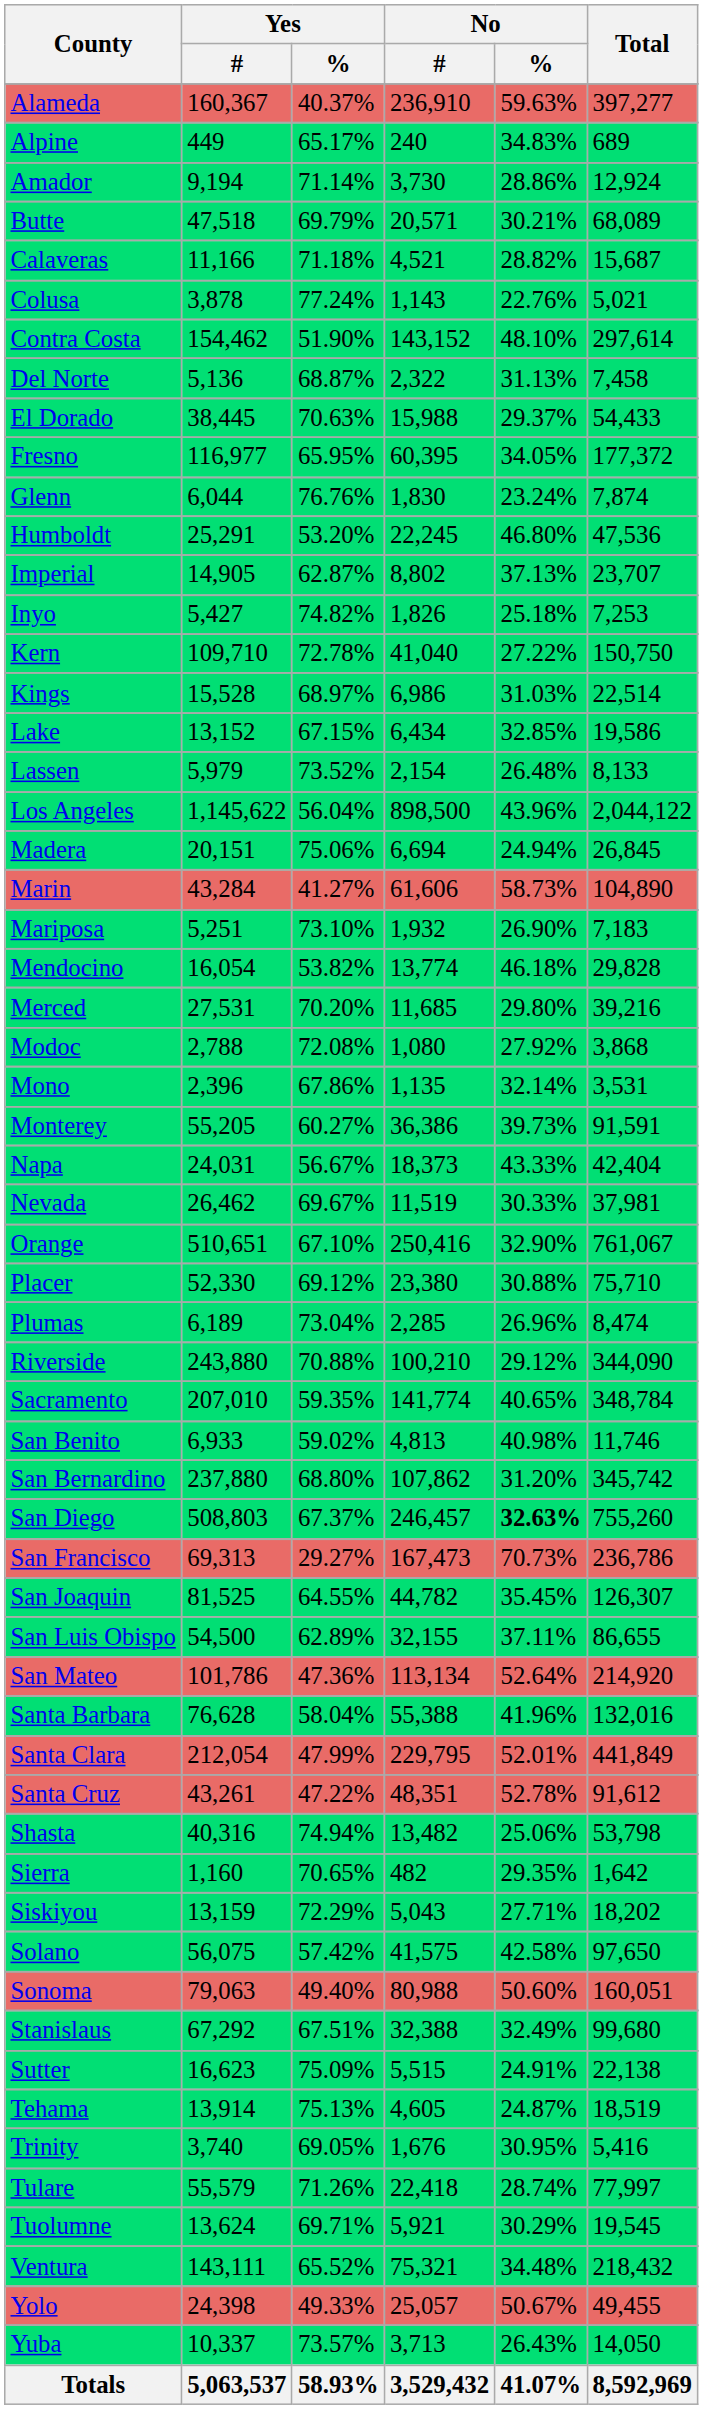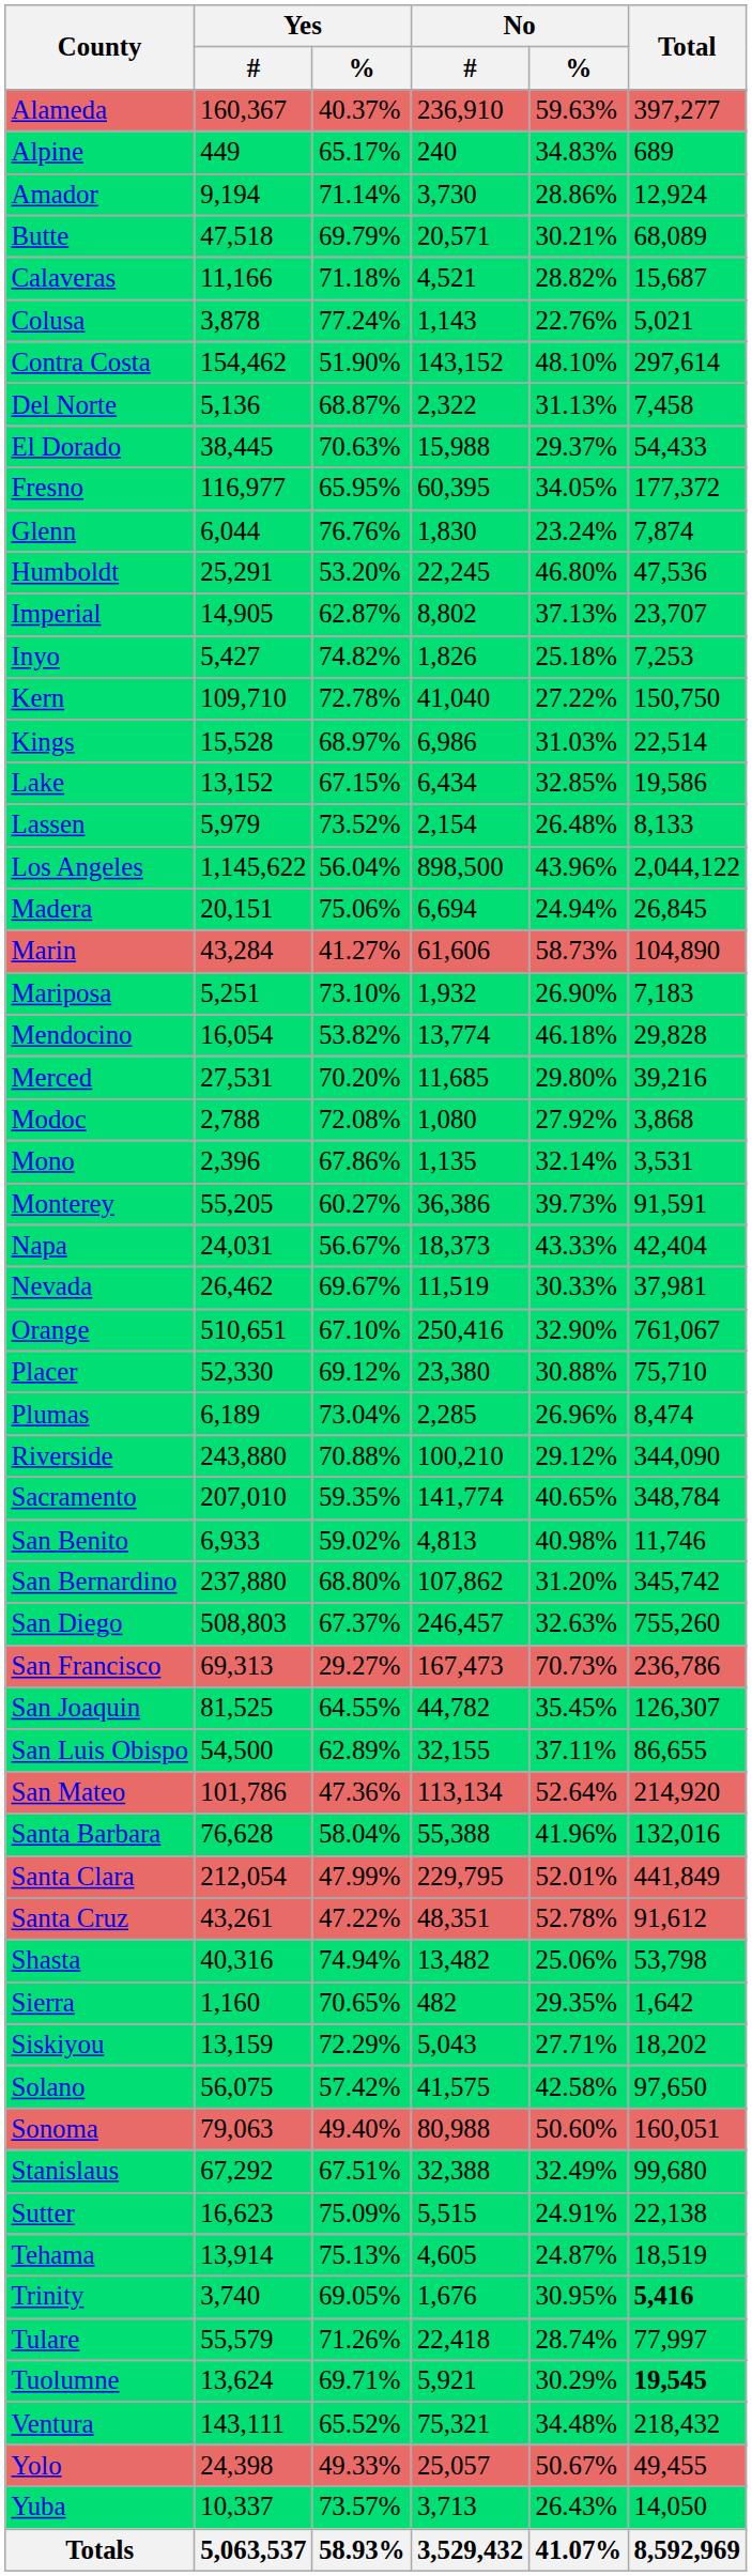 <table class="wikitable sortable">
 <tr>
 <th rowspan="2">County</th>
 <th colspan="2" rowspan="1">Yes</th>
 <th colspan="2" rowspan="1">No</th>
 <th colspan="1" rowspan="2">Total</th>
 </tr>
 <tr>
 <th>#</th>
 <th>%</th>
 <th>#</th>
 <th>%</th>
 </tr>
 <tr>
 </tr>
 <tr style="background: rgb(233, 107, 103);">
 <td><a href='#'>Alameda</a></td>
 <td>160,367</td>
 <td>40.37%</td>
 <td>236,910</td>
 <td>59.63%</td>
 <td>397,277</td>
 </tr>
 <tr>
 </tr>
 <tr style="background: rgb(1, 223, 116);">
 <td><a href='#'>Alpine</a></td>
 <td>449</td>
 <td>65.17%</td>
 <td>240</td>
 <td>34.83%</td>
 <td>689</td>
 </tr>
 <tr>
 </tr>
 <tr style="background: rgb(1, 223, 116);">
 <td><a href='#'>Amador</a></td>
 <td>9,194</td>
 <td>71.14%</td>
 <td>3,730</td>
 <td>28.86%</td>
 <td>12,924</td>
 </tr>
 <tr>
 </tr>
 <tr style="background: rgb(1, 223, 116);">
 <td><a href='#'>Butte</a></td>
 <td>47,518</td>
 <td>69.79%</td>
 <td>20,571</td>
 <td>30.21%</td>
 <td>68,089</td>
 </tr>
 <tr>
 </tr>
 <tr style="background: rgb(1, 223, 116);">
 <td><a href='#'>Calaveras</a></td>
 <td>11,166</td>
 <td>71.18%</td>
 <td>4,521</td>
 <td>28.82%</td>
 <td>15,687</td>
 </tr>
 <tr>
 </tr>
 <tr style="background: rgb(1, 223, 116);">
 <td><a href='#'>Colusa</a></td>
 <td>3,878</td>
 <td>77.24%</td>
 <td>1,143</td>
 <td>22.76%</td>
 <td>5,021</td>
 </tr>
 <tr>
 </tr>
 <tr style="background: rgb(1, 223, 116);">
 <td><a href='#'>Contra Costa</a></td>
 <td>154,462</td>
 <td>51.90%</td>
 <td>143,152</td>
 <td>48.10%</td>
 <td>297,614</td>
 </tr>
 <tr>
 </tr>
 <tr style="background: rgb(1, 223, 116);">
 <td><a href='#'>Del Norte</a></td>
 <td>5,136</td>
 <td>68.87%</td>
 <td>2,322</td>
 <td>31.13%</td>
 <td>7,458</td>
 </tr>
 <tr>
 </tr>
 <tr style="background: rgb(1, 223, 116);">
 <td><a href='#'>El Dorado</a></td>
 <td>38,445</td>
 <td>70.63%</td>
 <td>15,988</td>
 <td>29.37%</td>
 <td>54,433</td>
 </tr>
 <tr>
 </tr>
 <tr style="background: rgb(1, 223, 116);">
 <td><a href='#'>Fresno</a></td>
 <td>116,977</td>
 <td>65.95%</td>
 <td>60,395</td>
 <td>34.05%</td>
 <td>177,372</td>
 </tr>
 <tr>
 </tr>
 <tr style="background: rgb(1, 223, 116);">
 <td><a href='#'>Glenn</a></td>
 <td>6,044</td>
 <td>76.76%</td>
 <td>1,830</td>
 <td>23.24%</td>
 <td>7,874</td>
 </tr>
 <tr>
 </tr>
 <tr style="background: rgb(1, 223, 116);">
 <td><a href='#'>Humboldt</a></td>
 <td>25,291</td>
 <td>53.20%</td>
 <td>22,245</td>
 <td>46.80%</td>
 <td>47,536</td>
 </tr>
 <tr>
 </tr>
 <tr style="background: rgb(1, 223, 116);">
 <td><a href='#'>Imperial</a></td>
 <td>14,905</td>
 <td>62.87%</td>
 <td>8,802</td>
 <td>37.13%</td>
 <td>23,707</td>
 </tr>
 <tr>
 </tr>
 <tr style="background: rgb(1, 223, 116);">
 <td><a href='#'>Inyo</a></td>
 <td>5,427</td>
 <td>74.82%</td>
 <td>1,826</td>
 <td>25.18%</td>
 <td>7,253</td>
 </tr>
 <tr>
 </tr>
 <tr style="background: rgb(1, 223, 116);">
 <td><a href='#'>Kern</a></td>
 <td>109,710</td>
 <td>72.78%</td>
 <td>41,040</td>
 <td>27.22%</td>
 <td>150,750</td>
 </tr>
 <tr>
 </tr>
 <tr style="background: rgb(1, 223, 116);">
 <td><a href='#'>Kings</a></td>
 <td>15,528</td>
 <td>68.97%</td>
 <td>6,986</td>
 <td>31.03%</td>
 <td>22,514</td>
 </tr>
 <tr>
 </tr>
 <tr style="background: rgb(1, 223, 116);">
 <td><a href='#'>Lake</a></td>
 <td>13,152</td>
 <td>67.15%</td>
 <td>6,434</td>
 <td>32.85%</td>
 <td>19,586</td>
 </tr>
 <tr>
 </tr>
 <tr style="background: rgb(1, 223, 116);">
 <td><a href='#'>Lassen</a></td>
 <td>5,979</td>
 <td>73.52%</td>
 <td>2,154</td>
 <td>26.48%</td>
 <td>8,133</td>
 </tr>
 <tr>
 </tr>
 <tr style="background: rgb(1, 223, 116);">
 <td><a href='#'>Los Angeles</a></td>
 <td>1,145,622</td>
 <td>56.04%</td>
 <td>898,500</td>
 <td>43.96%</td>
 <td>2,044,122</td>
 </tr>
 <tr>
 </tr>
 <tr style="background: rgb(1, 223, 116);">
 <td><a href='#'>Madera</a></td>
 <td>20,151</td>
 <td>75.06%</td>
 <td>6,694</td>
 <td>24.94%</td>
 <td>26,845</td>
 </tr>
 <tr>
 </tr>
 <tr style="background: rgb(1, 223, 116);">
 </tr>
 <tr style="background: rgb(233, 107, 103);">
 <td><a href='#'>Marin</a></td>
 <td>43,284</td>
 <td>41.27%</td>
 <td>61,606</td>
 <td>58.73%</td>
 <td>104,890</td>
 </tr>
 <tr>
 </tr>
 <tr style="background: rgb(1, 223, 116);">
 <td><a href='#'>Mariposa</a></td>
 <td>5,251</td>
 <td>73.10%</td>
 <td>1,932</td>
 <td>26.90%</td>
 <td>7,183</td>
 </tr>
 <tr>
 </tr>
 <tr style="background: rgb(1, 223, 116);">
 <td><a href='#'>Mendocino</a></td>
 <td>16,054</td>
 <td>53.82%</td>
 <td>13,774</td>
 <td>46.18%</td>
 <td>29,828</td>
 </tr>
 <tr>
 </tr>
 <tr style="background: rgb(1, 223, 116);">
 <td><a href='#'>Merced</a></td>
 <td>27,531</td>
 <td>70.20%</td>
 <td>11,685</td>
 <td>29.80%</td>
 <td>39,216</td>
 </tr>
 <tr>
 </tr>
 <tr style="background: rgb(1, 223, 116);">
 <td><a href='#'>Modoc</a></td>
 <td>2,788</td>
 <td>72.08%</td>
 <td>1,080</td>
 <td>27.92%</td>
 <td>3,868</td>
 </tr>
 <tr>
 </tr>
 <tr style="background: rgb(1, 223, 116);">
 <td><a href='#'>Mono</a></td>
 <td>2,396</td>
 <td>67.86%</td>
 <td>1,135</td>
 <td>32.14%</td>
 <td>3,531</td>
 </tr>
 <tr>
 </tr>
 <tr style="background: rgb(1, 223, 116);">
 <td><a href='#'>Monterey</a></td>
 <td>55,205</td>
 <td>60.27%</td>
 <td>36,386</td>
 <td>39.73%</td>
 <td>91,591</td>
 </tr>
 <tr>
 </tr>
 <tr style="background: rgb(1, 223, 116);">
 <td><a href='#'>Napa</a></td>
 <td>24,031</td>
 <td>56.67%</td>
 <td>18,373</td>
 <td>43.33%</td>
 <td>42,404</td>
 </tr>
 <tr>
 </tr>
 <tr style="background: rgb(1, 223, 116);">
 <td><a href='#'>Nevada</a></td>
 <td>26,462</td>
 <td>69.67%</td>
 <td>11,519</td>
 <td>30.33%</td>
 <td>37,981</td>
 </tr>
 <tr>
 </tr>
 <tr style="background: rgb(1, 223, 116);">
 <td><a href='#'>Orange</a></td>
 <td>510,651</td>
 <td>67.10%</td>
 <td>250,416</td>
 <td>32.90%</td>
 <td>761,067</td>
 </tr>
 <tr>
 </tr>
 <tr style="background: rgb(1, 223, 116);">
 <td><a href='#'>Placer</a></td>
 <td>52,330</td>
 <td>69.12%</td>
 <td>23,380</td>
 <td>30.88%</td>
 <td>75,710</td>
 </tr>
 <tr>
 </tr>
 <tr style="background: rgb(1, 223, 116);">
 <td><a href='#'>Plumas</a></td>
 <td>6,189</td>
 <td>73.04%</td>
 <td>2,285</td>
 <td>26.96%</td>
 <td>8,474</td>
 </tr>
 <tr>
 </tr>
 <tr style="background: rgb(1, 223, 116);">
 <td><a href='#'>Riverside</a></td>
 <td>243,880</td>
 <td>70.88%</td>
 <td>100,210</td>
 <td>29.12%</td>
 <td>344,090</td>
 </tr>
 <tr>
 </tr>
 <tr style="background: rgb(1, 223, 116);">
 <td><a href='#'>Sacramento</a></td>
 <td>207,010</td>
 <td>59.35%</td>
 <td>141,774</td>
 <td>40.65%</td>
 <td>348,784</td>
 </tr>
 <tr>
 </tr>
 <tr style="background: rgb(1, 223, 116);">
 <td><a href='#'>San Benito</a></td>
 <td>6,933</td>
 <td>59.02%</td>
 <td>4,813</td>
 <td>40.98%</td>
 <td>11,746</td>
 </tr>
 <tr>
 </tr>
 <tr style="background: rgb(1, 223, 116);">
 <td><a href='#'>San Bernardino</a></td>
 <td>237,880</td>
 <td>68.80%</td>
 <td>107,862</td>
 <td>31.20%</td>
 <td>345,742</td>
 </tr>
 <tr>
 </tr>
 <tr style="background: rgb(1, 223, 116);">
 <td><a href='#'>San Diego</a></td>
 <td>508,803</td>
 <td>67.37%</td>
 <td>246,457</td>
-<td><strong>32.63%</strong></td>
+<td>32.63%</td>
 <td>755,260</td>
 </tr>
 <tr>
 </tr>
 <tr style="background: rgb(233, 107, 103);">
 <td><a href='#'>San Francisco</a></td>
 <td>69,313</td>
 <td>29.27%</td>
 <td>167,473</td>
 <td>70.73%</td>
 <td>236,786</td>
 </tr>
 <tr>
 </tr>
 <tr style="background: rgb(1, 223, 116);">
 <td><a href='#'>San Joaquin</a></td>
 <td>81,525</td>
 <td>64.55%</td>
 <td>44,782</td>
 <td>35.45%</td>
 <td>126,307</td>
 </tr>
 <tr>
 </tr>
 <tr style="background: rgb(1, 223, 116);">
 <td><a href='#'>San Luis Obispo</a></td>
 <td>54,500</td>
 <td>62.89%</td>
 <td>32,155</td>
 <td>37.11%</td>
 <td>86,655</td>
 </tr>
 <tr>
 </tr>
 <tr style="background: rgb(233, 107, 103);">
 <td><a href='#'>San Mateo</a></td>
 <td>101,786</td>
 <td>47.36%</td>
 <td>113,134</td>
 <td>52.64%</td>
 <td>214,920</td>
 </tr>
 <tr>
 </tr>
 <tr style="background: rgb(1, 223, 116);">
 <td><a href='#'>Santa Barbara</a></td>
 <td>76,628</td>
 <td>58.04%</td>
 <td>55,388</td>
 <td>41.96%</td>
 <td>132,016</td>
 </tr>
 <tr>
 </tr>
 <tr style="background: rgb(233, 107, 103);">
 <td><a href='#'>Santa Clara</a></td>
 <td>212,054</td>
 <td>47.99%</td>
 <td>229,795</td>
 <td>52.01%</td>
 <td>441,849</td>
 </tr>
 <tr>
 </tr>
 <tr style="background: rgb(233, 107, 103);">
 <td><a href='#'>Santa Cruz</a></td>
 <td>43,261</td>
 <td>47.22%</td>
 <td>48,351</td>
 <td>52.78%</td>
 <td>91,612</td>
 </tr>
 <tr>
 </tr>
 <tr style="background: rgb(1, 223, 116);">
 <td><a href='#'>Shasta</a></td>
 <td>40,316</td>
 <td>74.94%</td>
 <td>13,482</td>
 <td>25.06%</td>
 <td>53,798</td>
 </tr>
 <tr>
 </tr>
 <tr style="background: rgb(1, 223, 116);">
 <td><a href='#'>Sierra</a></td>
 <td>1,160</td>
 <td>70.65%</td>
 <td>482</td>
 <td>29.35%</td>
 <td>1,642</td>
 </tr>
 <tr>
 </tr>
 <tr style="background: rgb(1, 223, 116);">
 <td><a href='#'>Siskiyou</a></td>
 <td>13,159</td>
 <td>72.29%</td>
 <td>5,043</td>
 <td>27.71%</td>
 <td>18,202</td>
 </tr>
 <tr>
 </tr>
 <tr style="background: rgb(1, 223, 116);">
 <td><a href='#'>Solano</a></td>
 <td>56,075</td>
 <td>57.42%</td>
 <td>41,575</td>
 <td>42.58%</td>
 <td>97,650</td>
 </tr>
 <tr>
 </tr>
 <tr style="background: rgb(233, 107, 103);">
 <td><a href='#'>Sonoma</a></td>
 <td>79,063</td>
 <td>49.40%</td>
 <td>80,988</td>
 <td>50.60%</td>
 <td>160,051</td>
 </tr>
 <tr>
 </tr>
 <tr style="background: rgb(1, 223, 116);">
 <td><a href='#'>Stanislaus</a></td>
 <td>67,292</td>
 <td>67.51%</td>
 <td>32,388</td>
 <td>32.49%</td>
 <td>99,680</td>
 </tr>
 <tr>
 </tr>
 <tr style="background: rgb(1, 223, 116);">
 <td><a href='#'>Sutter</a></td>
 <td>16,623</td>
 <td>75.09%</td>
 <td>5,515</td>
 <td>24.91%</td>
 <td>22,138</td>
 </tr>
 <tr>
 </tr>
 <tr style="background: rgb(1, 223, 116);">
 <td><a href='#'>Tehama</a></td>
 <td>13,914</td>
 <td>75.13%</td>
 <td>4,605</td>
 <td>24.87%</td>
 <td>18,519</td>
 </tr>
 <tr>
 </tr>
 <tr style="background: rgb(1, 223, 116);">
 <td><a href='#'>Trinity</a></td>
 <td>3,740</td>
 <td>69.05%</td>
 <td>1,676</td>
 <td>30.95%</td>
-<td>5,416</td>
+<td><strong>5,416</strong></td>
 </tr>
 <tr>
 </tr>
 <tr style="background: rgb(1, 223, 116);">
 <td><a href='#'>Tulare</a></td>
 <td>55,579</td>
 <td>71.26%</td>
 <td>22,418</td>
 <td>28.74%</td>
 <td>77,997</td>
 </tr>
 <tr>
 </tr>
 <tr style="background: rgb(1, 223, 116);">
 <td><a href='#'>Tuolumne</a></td>
 <td>13,624</td>
 <td>69.71%</td>
 <td>5,921</td>
 <td>30.29%</td>
-<td>19,545</td>
+<td><strong>19,545</strong></td>
 </tr>
 <tr>
 </tr>
 <tr style="background: rgb(1, 223, 116);">
 <td><a href='#'>Ventura</a></td>
 <td>143,111</td>
 <td>65.52%</td>
 <td>75,321</td>
 <td>34.48%</td>
 <td>218,432</td>
 </tr>
 <tr>
 </tr>
 <tr style="background: rgb(233, 107, 103);">
 <td><a href='#'>Yolo</a></td>
 <td>24,398</td>
 <td>49.33%</td>
 <td>25,057</td>
 <td>50.67%</td>
 <td>49,455</td>
 </tr>
 <tr>
 </tr>
 <tr style="background: rgb(1, 223, 116);">
 <td><a href='#'>Yuba</a></td>
 <td>10,337</td>
 <td>73.57%</td>
 <td>3,713</td>
 <td>26.43%</td>
 <td>14,050</td>
 </tr>
 <tr>
 <th>Totals</th>
 <th>5,063,537</th>
 <th>58.93%</th>
 <th>3,529,432</th>
 <th>41.07%</th>
 <th>8,592,969</th>
 </tr>
 </table>
